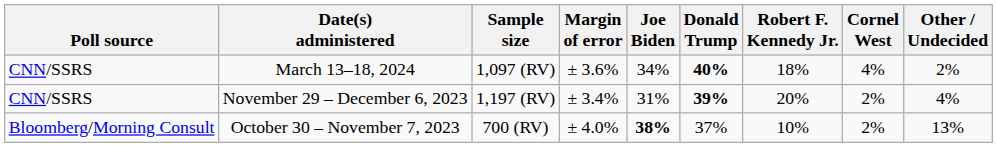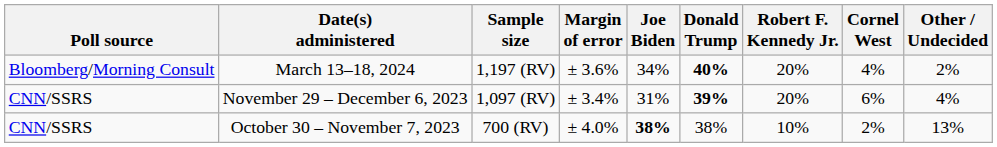 <table class="wikitable sortable mw-datatable" style="font-size:90%;text-align:center;line-height:17px">
 <tr style="vertical-align:bottom">
 <th>Poll source</th>
 <th>Date(s)<br>administered</th>
 <th>Sample<br>size</th>
 <th>Margin<br>of error</th>
 <th class="unsortable">Joe<br>Biden<br></th>
 <th class="unsortable">Donald<br>Trump<br></th>
 <th class="unsortable">Robert F.<br>Kennedy Jr.<br></th>
 <th class="unsortable">Cornel<br>West<br></th>
 <th class="unsortable">Other /<br>Undecided</th>
 </tr>
 <tr>
-<td style="text-align:left;"><a href='#'>CNN</a>/SSRS</td>
+<td style="text-align:left;"><a href='#'>Bloomberg</a>/<a href='#'>Morning Consult</a></td>
 <td data-sort-value="2024-03-22">March 13–18, 2024</td>
-<td>1,097 (RV)</td>
+<td>1,197 (RV)</td>
 <td>± 3.6%</td>
 <td>34%</td>
 <td style="background-color:"><strong>40%</strong></td>
-<td>18%</td>
+<td>20%</td>
 <td>4%</td>
 <td>2%</td>
 </tr>
 <tr>
 <td style="text-align:left;"><a href='#'>CNN</a>/SSRS</td>
 <td data-sort-value="2023-12-11">November 29 – December 6, 2023</td>
-<td>1,197 (RV)</td>
+<td>1,097 (RV)</td>
 <td>± 3.4%</td>
 <td>31%</td>
 <td style="background-color:"><strong>39%</strong></td>
 <td>20%</td>
-<td>2%</td>
+<td>6%</td>
 <td>4%</td>
 </tr>
 <tr>
-<td style="text-align:left;"><a href='#'>Bloomberg</a>/<a href='#'>Morning Consult</a></td>
+<td style="text-align:left;"><a href='#'>CNN</a>/SSRS</td>
 <td data-sort-value="2023-11-09">October 30 – November 7, 2023</td>
 <td>700 (RV)</td>
 <td>± 4.0%</td>
 <td style="color:black;background-color:"><strong>38%</strong></td>
-<td>37%</td>
+<td>38%</td>
 <td>10%</td>
 <td>2%</td>
 <td>13%</td>
 </tr>
 </table>
